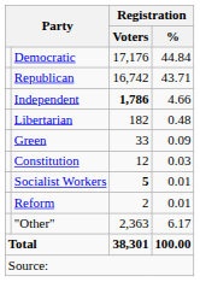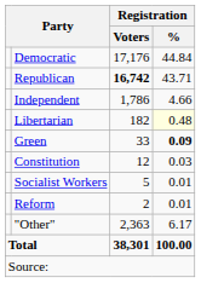 <table class="wikitable">
 <tr>
 <th colspan="2" rowspan="2">Party</th>
 <th colspan="2">Registration</th>
 </tr>
 <tr>
 <th>Voters</th>
 <th>%</th>
 </tr>
 <tr>
 <td style="background-color:"></td>
 <td><a href='#'>Democratic</a></td>
 <td style="text-align:right;">17,176</td>
 <td style="text-align:right;">44.84</td>
 </tr>
 <tr>
 <td style="background-color:"></td>
 <td><a href='#'>Republican</a></td>
-<td style="text-align:right;">16,742</td>
+<td style="text-align:right;"><strong>16,742</strong></td>
 <td style="text-align:right;">43.71</td>
 </tr>
 <tr>
 <td style="background-color:"></td>
 <td><a href='#'>Independent</a></td>
-<td style="text-align:right;"><strong>1,786</strong></td>
+<td style="text-align:right;">1,786</td>
 <td style="text-align:right;">4.66</td>
 </tr>
 <tr>
 <td style="background-color:"></td>
 <td><a href='#'>Libertarian</a></td>
 <td style="text-align:right;">182</td>
-<td style="text-align:right;">0.48</td>
+<td style="background: lightyellow; text-align:right;">0.48</td>
 </tr>
 <tr>
 <td style="background-color:"></td>
 <td><a href='#'>Green</a></td>
 <td style="text-align:right;">33</td>
-<td style="text-align:right;">0.09</td>
+<td style="text-align:right;"><strong>0.09</strong></td>
 </tr>
 <tr>
 <td style="background-color:"></td>
 <td><a href='#'>Constitution</a></td>
 <td style="text-align:right;">12</td>
 <td style="text-align:right;">0.03</td>
 </tr>
 <tr>
 <td style="background-color:"></td>
 <td><a href='#'>Socialist Workers</a></td>
-<td style="text-align:right;"><strong>5</strong></td>
+<td style="text-align:right;">5</td>
 <td style="text-align:right;">0.01</td>
 </tr>
 <tr>
 <td style="background-color:"></td>
 <td><a href='#'>Reform</a></td>
 <td style="text-align:right;">2</td>
 <td style="text-align:right;">0.01</td>
 </tr>
 <tr>
 <td></td>
 <td>"Other"</td>
 <td style="text-align:right;">2,363</td>
 <td style="text-align:right;">6.17</td>
 </tr>
 <tr>
 <td colspan="2"><strong>Total</strong></td>
 <td style="text-align:right;"><strong>38,301</strong></td>
 <td style="text-align:right;"><strong>100.00</strong></td>
 </tr>
 <tr>
 <td colspan="4">Source: <em></em></td>
 </tr>
 </table>
